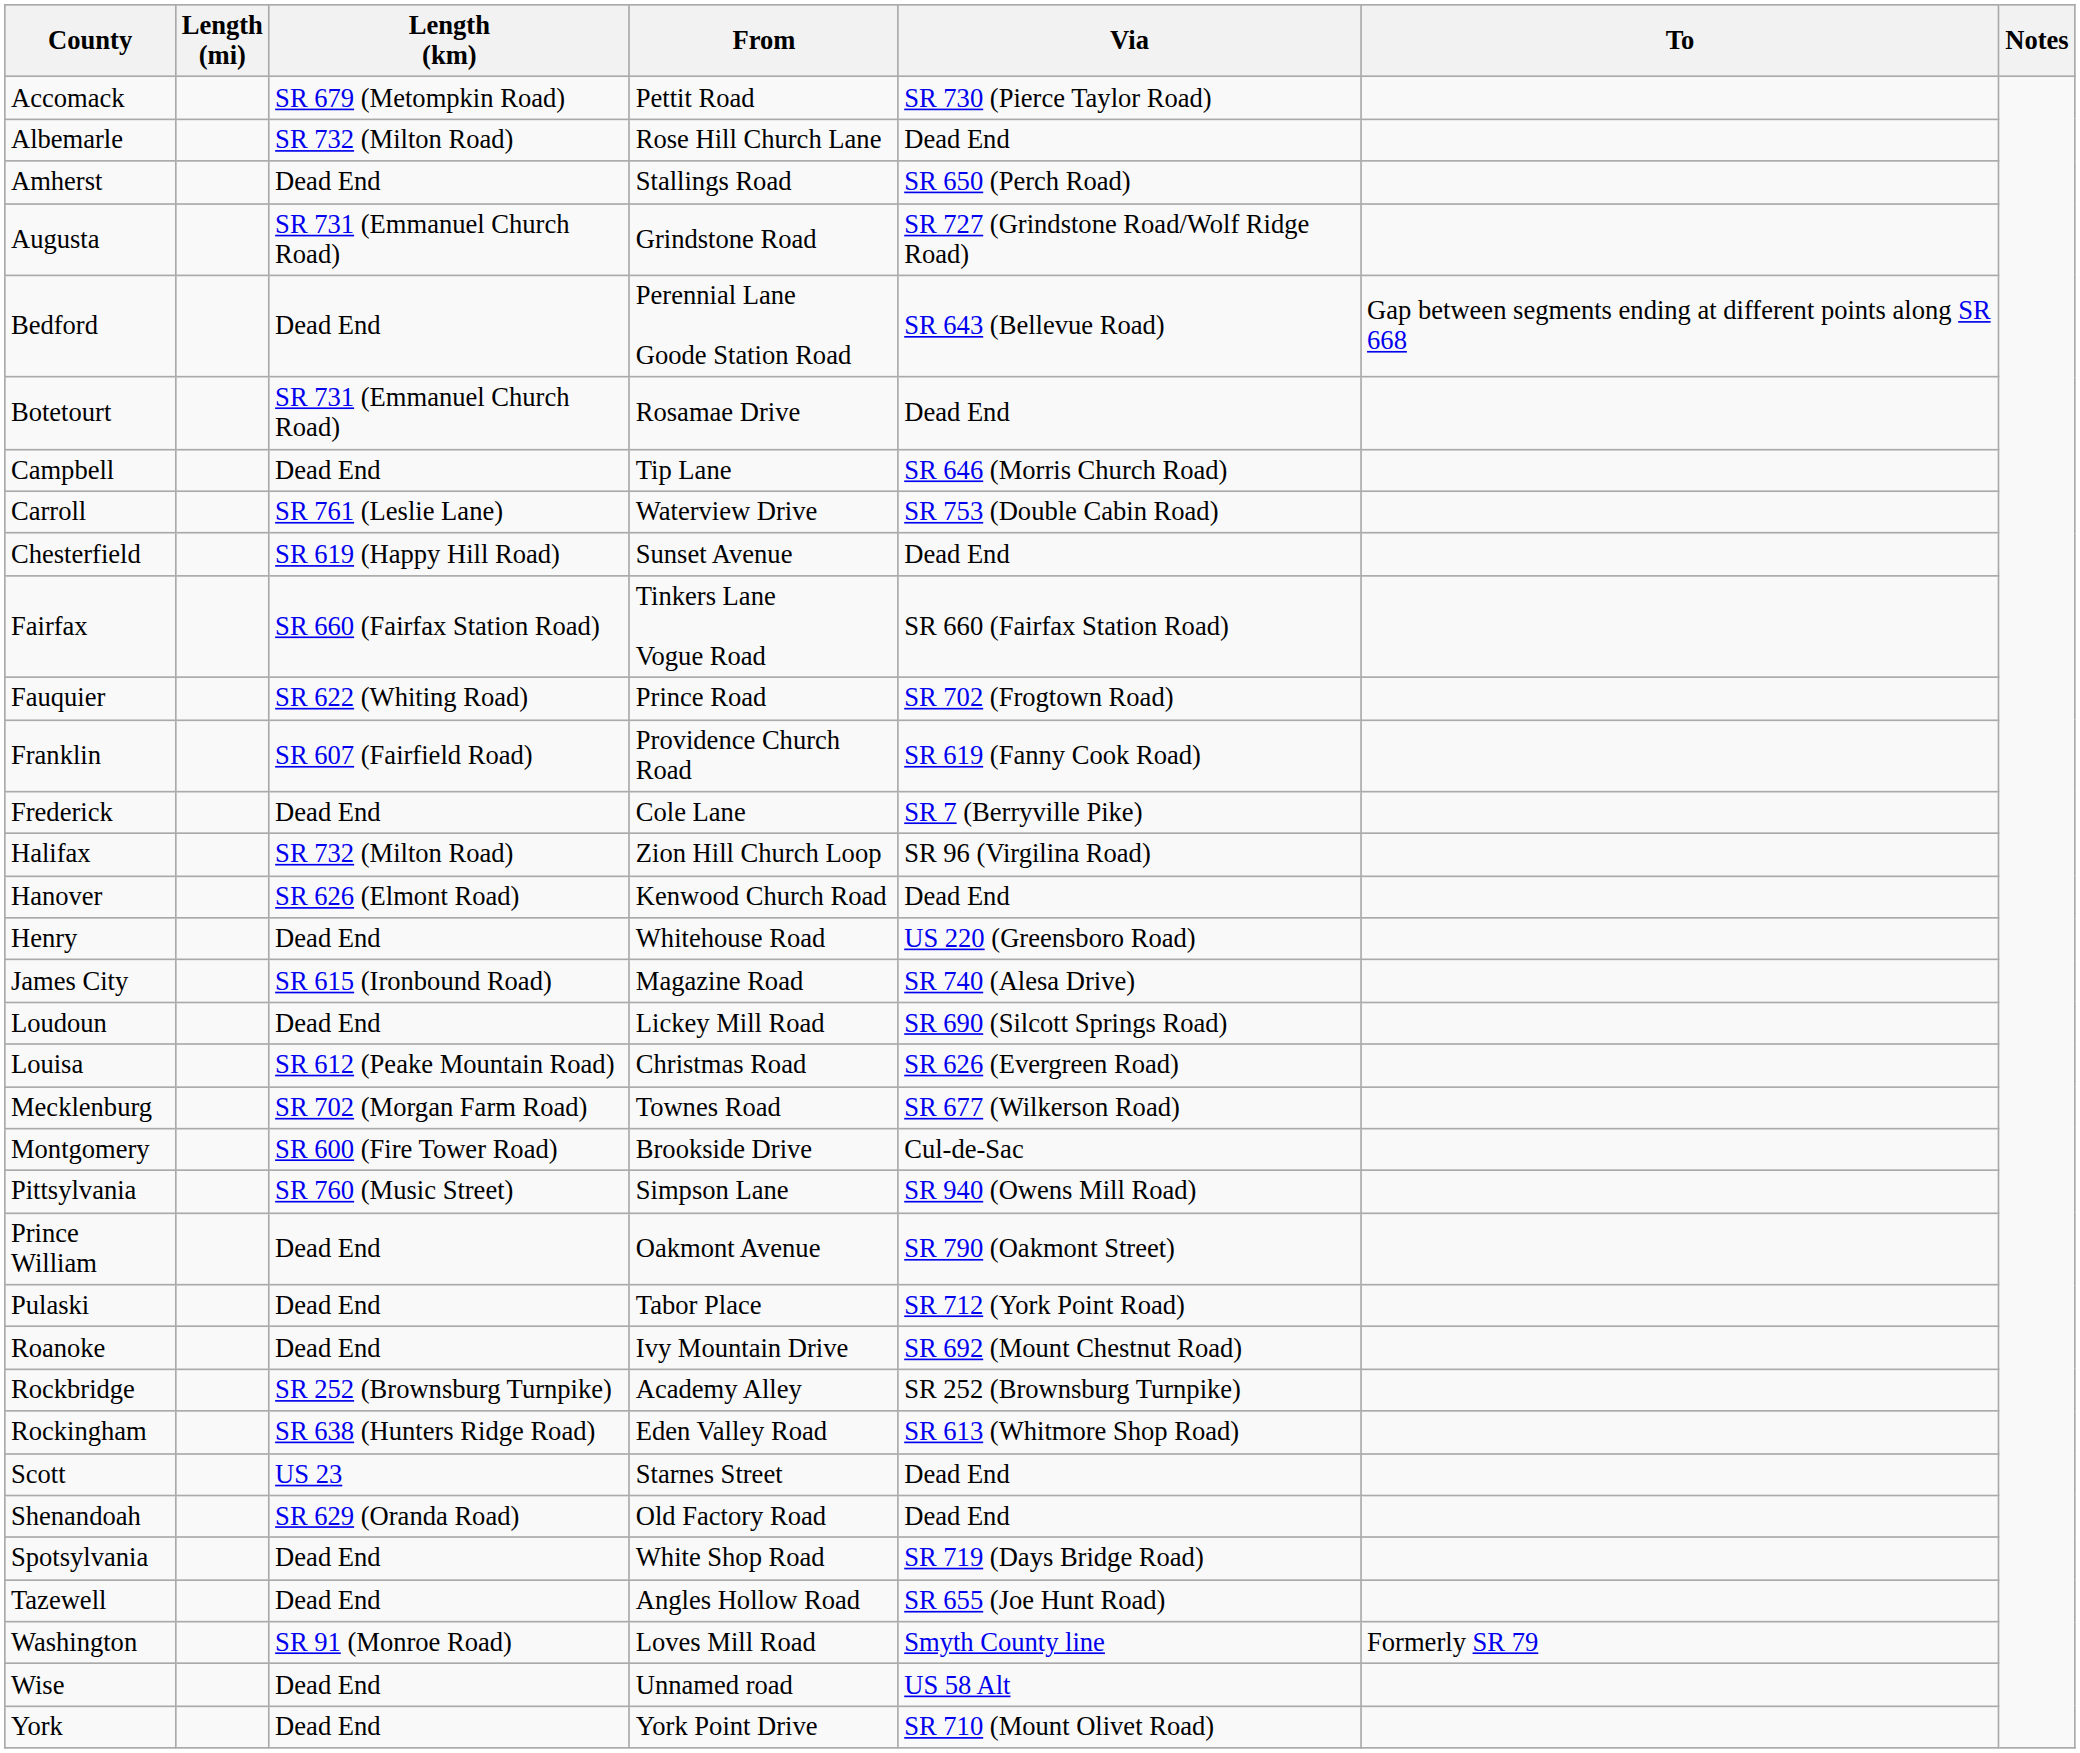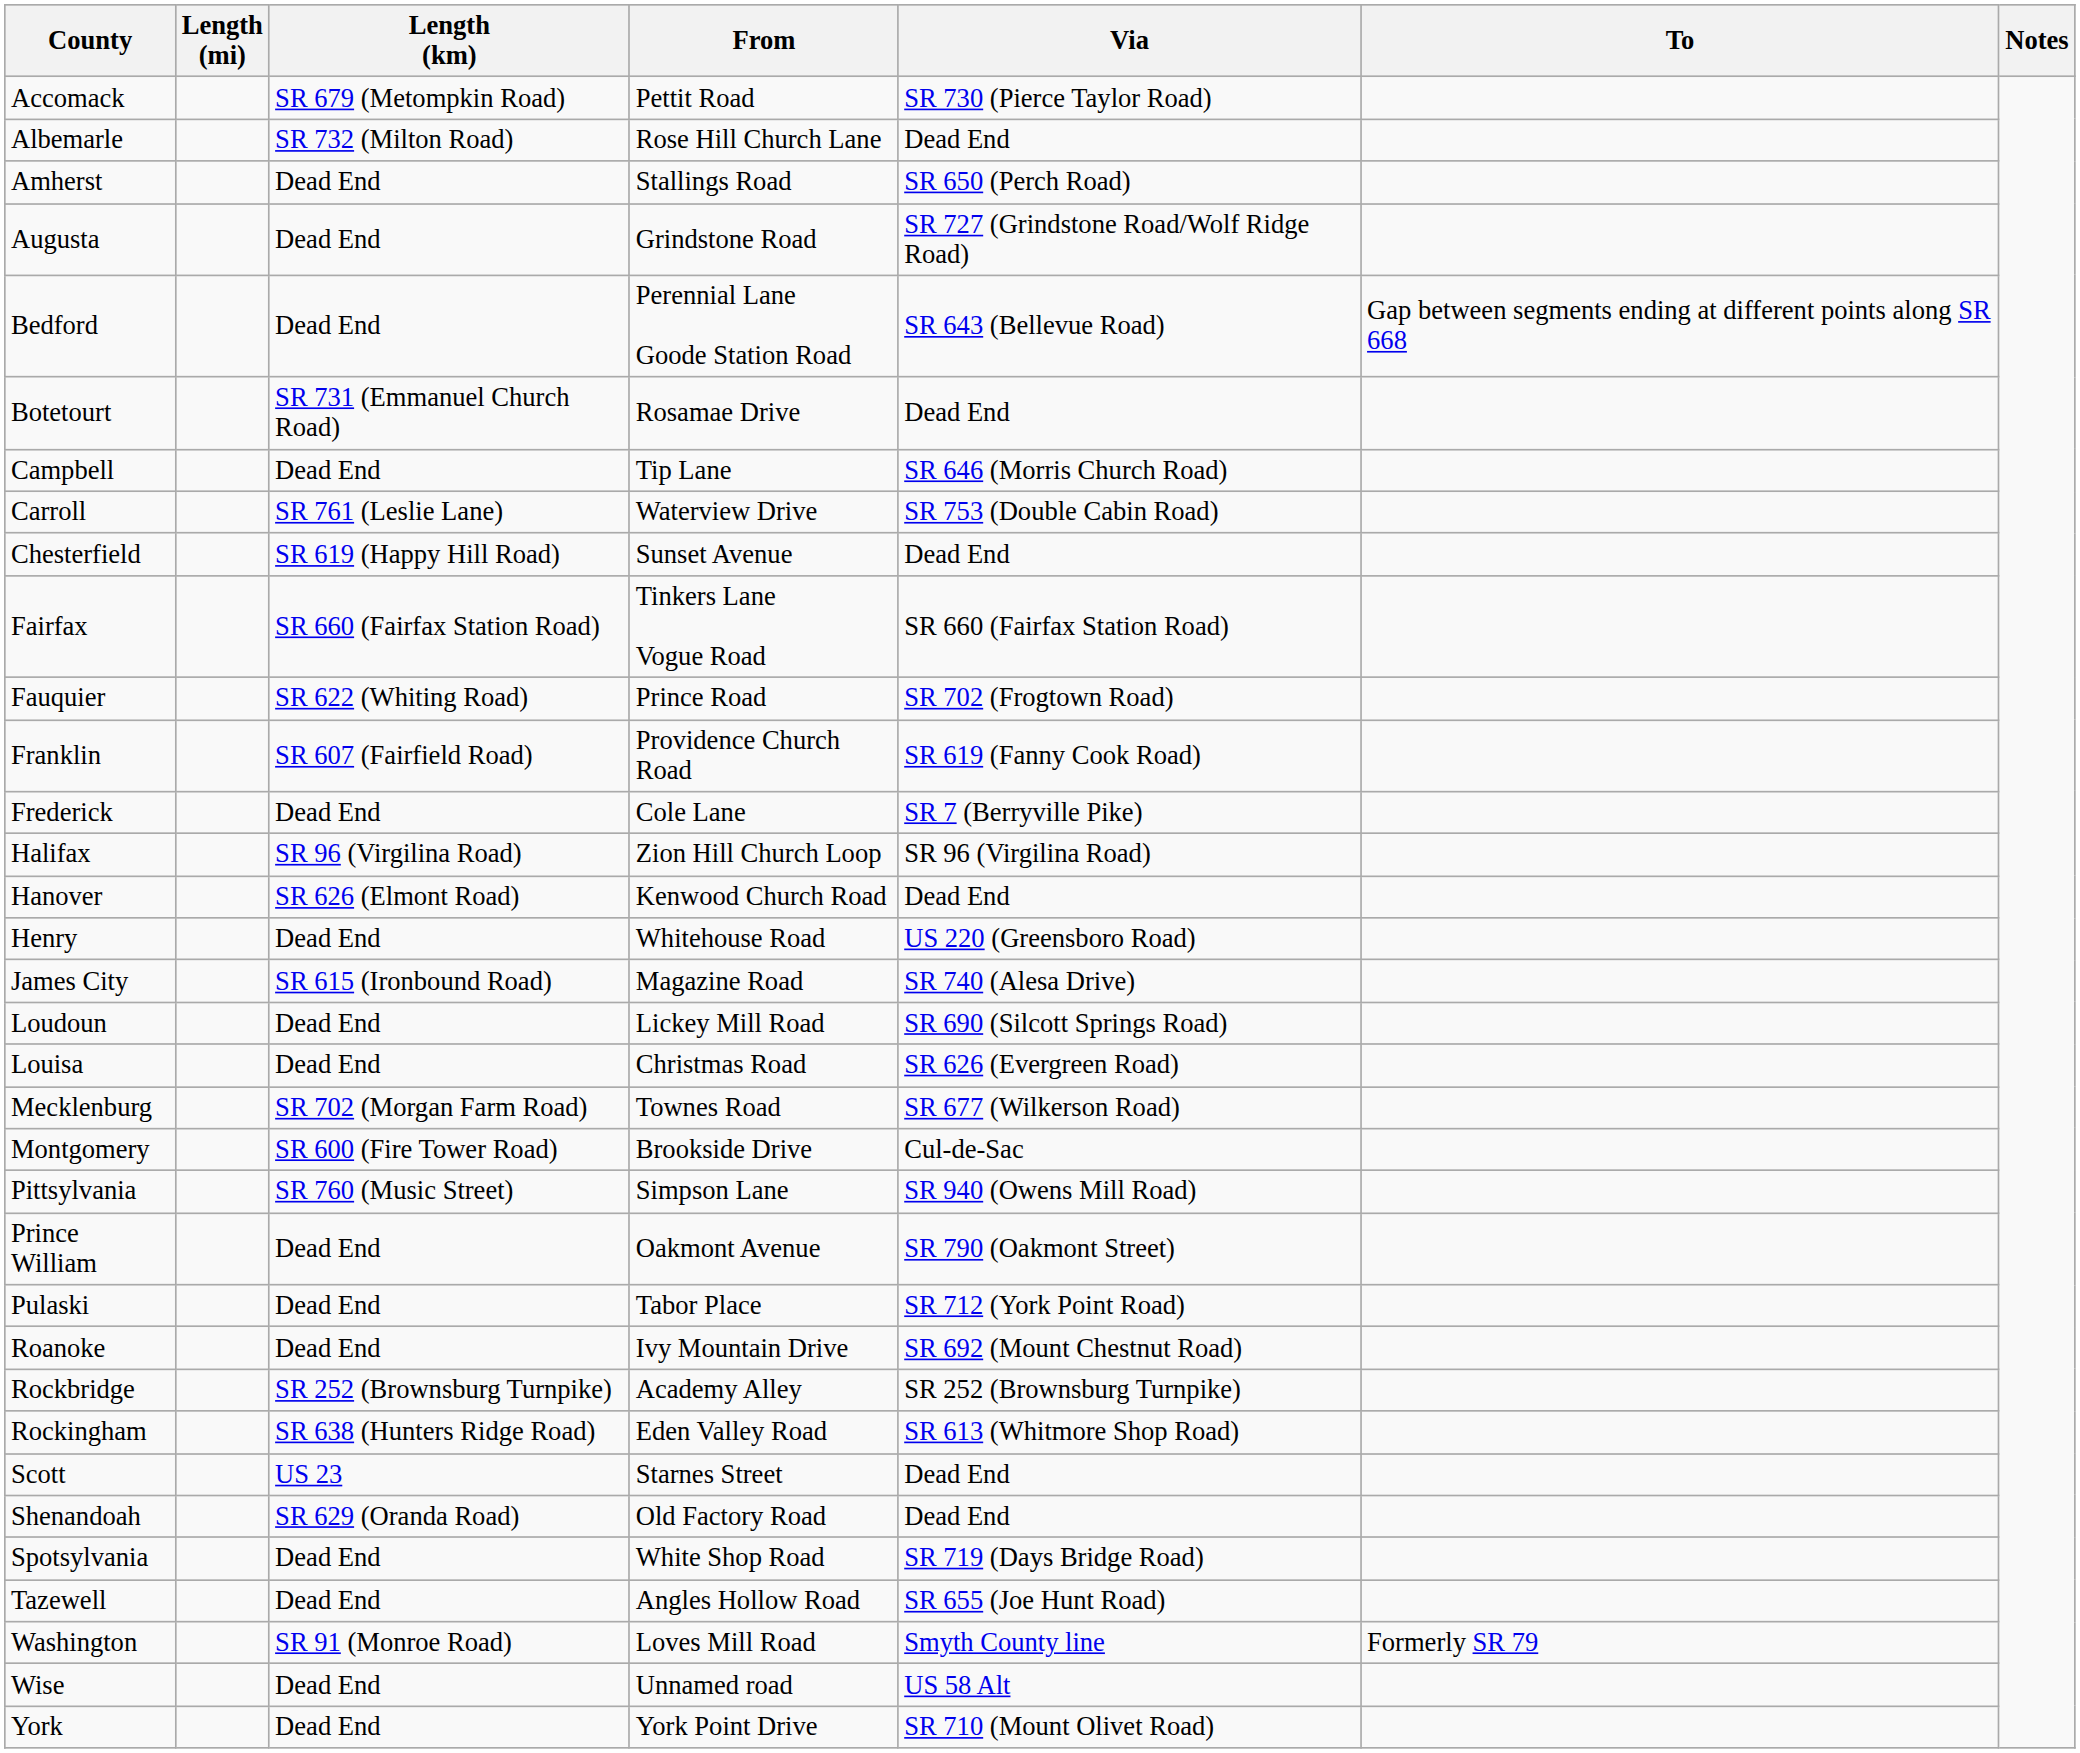 <table class="wikitable sortable">
 <tr>
 <th>County</th>
 <th>Length<br>(mi)</th>
 <th>Length<br>(km)</th>
 <th class="unsortable">From</th>
 <th class="unsortable">Via</th>
 <th class="unsortable">To</th>
 <th class="unsortable">Notes</th>
 </tr>
 <tr>
 <td id="Accomack">Accomack</td>
 <td></td>
 <td><a href='#'>SR 679</a> (Metompkin Road)</td>
 <td>Pettit Road</td>
 <td><a href='#'>SR 730</a> (Pierce Taylor Road)</td>
 <td></td>
 </tr>
 <tr>
 <td id="Albemarle">Albemarle</td>
 <td></td>
 <td><a href='#'>SR 732</a> (Milton Road)</td>
 <td>Rose Hill Church Lane</td>
 <td>Dead End</td>
 <td><br> </td>
 </tr>
 <tr>
 <td id="Amherst">Amherst</td>
 <td></td>
 <td>Dead End</td>
 <td>Stallings Road</td>
 <td><a href='#'>SR 650</a> (Perch Road)</td>
 <td><br> </td>
 </tr>
 <tr>
 <td id="Augusta">Augusta</td>
 <td></td>
-<td><a href='#'>SR 731</a> (Emmanuel Church Road)</td>
+<td>Dead End</td>
 <td>Grindstone Road</td>
 <td><a href='#'>SR 727</a> (Grindstone Road/Wolf Ridge Road)</td>
 <td><br></td>
 </tr>
 <tr>
 <td id="Bedford">Bedford</td>
 <td></td>
 <td>Dead End</td>
 <td>Perennial Lane<br><br>Goode Station Road</td>
 <td><a href='#'>SR 643</a> (Bellevue Road)</td>
 <td>Gap between segments ending at different points along <a href='#'>SR 668</a><br></td>
 </tr>
 <tr>
 <td id="Botetourt">Botetourt</td>
 <td></td>
 <td><a href='#'>SR 731</a> (Emmanuel Church Road)</td>
 <td>Rosamae Drive</td>
 <td>Dead End</td>
 <td><br>  </td>
 </tr>
 <tr>
 <td id="Campbell">Campbell</td>
 <td></td>
 <td>Dead End</td>
 <td>Tip Lane</td>
 <td><a href='#'>SR 646</a> (Morris Church Road)</td>
 <td><br></td>
 </tr>
 <tr>
 <td id="Carroll">Carroll</td>
 <td></td>
 <td><a href='#'>SR 761</a> (Leslie Lane)</td>
 <td>Waterview Drive</td>
 <td><a href='#'>SR 753</a> (Double Cabin Road)</td>
 <td><br> </td>
 </tr>
 <tr>
 <td id="Chesterfield">Chesterfield</td>
 <td></td>
 <td><a href='#'>SR 619</a> (Happy Hill Road)</td>
 <td>Sunset Avenue</td>
 <td>Dead End</td>
 <td><br>      </td>
 </tr>
 <tr>
 <td id="Fairfax">Fairfax</td>
 <td></td>
 <td><a href='#'>SR 660</a> (Fairfax Station Road)</td>
 <td>Tinkers Lane<br><br>Vogue Road</td>
 <td>SR 660 (Fairfax Station Road)</td>
 <td></td>
 </tr>
 <tr>
 <td id="Fauquier">Fauquier</td>
 <td></td>
 <td><a href='#'>SR 622</a> (Whiting Road)</td>
 <td>Prince Road</td>
 <td><a href='#'>SR 702</a> (Frogtown Road)</td>
 <td><br> </td>
 </tr>
 <tr>
 <td id="Franklin">Franklin</td>
 <td></td>
 <td><a href='#'>SR 607</a> (Fairfield Road)</td>
 <td>Providence Church Road</td>
 <td><a href='#'>SR 619</a> (Fanny Cook Road)</td>
 <td></td>
 </tr>
 <tr>
 <td id="Frederick">Frederick</td>
 <td></td>
 <td>Dead End</td>
 <td>Cole Lane</td>
 <td><a href='#'>SR 7</a> (Berryville Pike)</td>
 <td><br>     </td>
 </tr>
 <tr>
 <td id="Halifax">Halifax</td>
 <td></td>
-<td><a href='#'>SR 732</a> (Milton Road)</td>
+<td><a href='#'>SR 96</a> (Virgilina Road)</td>
 <td>Zion Hill Church Loop</td>
 <td>SR 96 (Virgilina Road)</td>
 <td></td>
 </tr>
 <tr>
 <td id="Hanover">Hanover</td>
 <td></td>
 <td><a href='#'>SR 626</a> (Elmont Road)</td>
 <td>Kenwood Church Road</td>
 <td>Dead End</td>
 <td><br></td>
 </tr>
 <tr>
 <td id="Henry">Henry</td>
 <td></td>
 <td>Dead End</td>
 <td>Whitehouse Road</td>
 <td><a href='#'>US 220</a> (Greensboro Road)</td>
 <td><br> </td>
 </tr>
 <tr>
 <td id="James City">James City</td>
 <td></td>
 <td><a href='#'>SR 615</a> (Ironbound Road)</td>
 <td>Magazine Road</td>
 <td><a href='#'>SR 740</a> (Alesa Drive)</td>
 <td><br>    </td>
 </tr>
 <tr>
 <td id="Loudoun">Loudoun</td>
 <td></td>
 <td>Dead End</td>
 <td>Lickey Mill Road</td>
 <td><a href='#'>SR 690</a> (Silcott Springs Road)</td>
 <td></td>
 </tr>
 <tr>
 <td id="Louisa">Louisa</td>
 <td></td>
-<td><a href='#'>SR 612</a> (Peake Mountain Road)</td>
+<td>Dead End</td>
 <td>Christmas Road</td>
 <td><a href='#'>SR 626</a> (Evergreen Road)</td>
 <td><br>  </td>
 </tr>
 <tr>
 <td id="Mecklenburg">Mecklenburg</td>
 <td></td>
 <td><a href='#'>SR 702</a> (Morgan Farm Road)</td>
 <td>Townes Road</td>
 <td><a href='#'>SR 677</a> (Wilkerson Road)</td>
 <td><br></td>
 </tr>
 <tr>
 <td id="Montgomery">Montgomery</td>
 <td></td>
 <td><a href='#'>SR 600</a> (Fire Tower Road)</td>
 <td>Brookside Drive</td>
 <td>Cul-de-Sac</td>
 <td><br>       </td>
 </tr>
 <tr>
 <td id="Pittsylvania">Pittsylvania</td>
 <td></td>
 <td><a href='#'>SR 760</a> (Music Street)</td>
 <td>Simpson Lane</td>
 <td><a href='#'>SR 940</a> (Owens Mill Road)</td>
 <td><br>  </td>
 </tr>
 <tr>
 <td id="Prince William">Prince William</td>
 <td></td>
 <td>Dead End</td>
 <td>Oakmont Avenue</td>
 <td><a href='#'>SR 790</a> (Oakmont Street)</td>
 <td></td>
 </tr>
 <tr>
 <td id="Pulaski">Pulaski</td>
 <td></td>
 <td>Dead End</td>
 <td>Tabor Place</td>
 <td><a href='#'>SR 712</a> (York Point Road)</td>
 <td><br> </td>
 </tr>
 <tr>
 <td id="Roanoke">Roanoke</td>
 <td></td>
 <td>Dead End</td>
 <td>Ivy Mountain Drive</td>
 <td><a href='#'>SR 692</a> (Mount Chestnut Road)</td>
 <td></td>
 </tr>
 <tr>
 <td id="Rockbridge">Rockbridge</td>
 <td></td>
 <td><a href='#'>SR 252</a> (Brownsburg Turnpike)</td>
 <td>Academy Alley</td>
 <td>SR 252 (Brownsburg Turnpike)</td>
 <td></td>
 </tr>
 <tr>
 <td id="Rockingham">Rockingham</td>
 <td></td>
 <td><a href='#'>SR 638</a> (Hunters Ridge Road)</td>
 <td>Eden Valley Road</td>
 <td><a href='#'>SR 613</a> (Whitmore Shop Road)</td>
 <td><br></td>
 </tr>
 <tr>
 <td id="Scott">Scott</td>
 <td></td>
 <td><a href='#'>US 23</a></td>
 <td>Starnes Street</td>
 <td>Dead End</td>
 <td></td>
 </tr>
 <tr>
 <td id="Shenandoah">Shenandoah</td>
 <td></td>
 <td><a href='#'>SR 629</a> (Oranda Road)</td>
 <td>Old Factory Road</td>
 <td>Dead End</td>
 <td><br> </td>
 </tr>
 <tr>
 <td id="Spotsylvania">Spotsylvania</td>
 <td></td>
 <td>Dead End</td>
 <td>White Shop Road</td>
 <td><a href='#'>SR 719</a> (Days Bridge Road)</td>
 <td><br>  </td>
 </tr>
 <tr>
 <td id="Tazewell">Tazewell</td>
 <td></td>
 <td>Dead End</td>
 <td>Angles Hollow Road</td>
 <td><a href='#'>SR 655</a> (Joe Hunt Road)</td>
 <td><br></td>
 </tr>
 <tr>
 <td id="Washington">Washington</td>
 <td></td>
 <td><a href='#'>SR 91</a> (Monroe Road)</td>
 <td>Loves Mill Road</td>
 <td><a href='#'>Smyth County line</a></td>
 <td>Formerly <a href='#'>SR 79</a><br></td>
 </tr>
 <tr>
 <td id="Wise">Wise</td>
 <td></td>
 <td>Dead End</td>
 <td>Unnamed road</td>
 <td><a href='#'>US 58 Alt</a></td>
 <td><br></td>
 </tr>
 <tr>
 <td id="York">York</td>
 <td></td>
 <td>Dead End</td>
 <td>York Point Drive</td>
 <td><a href='#'>SR 710</a> (Mount Olivet Road)</td>
 <td></td>
 </tr>
 </table>
